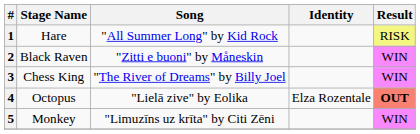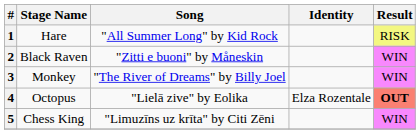 <table class="wikitable plainrowheaders" style="text-align: center;">
 <tr>
 <th>#</th>
 <th>Stage Name</th>
 <th>Song</th>
 <th>Identity</th>
 <th>Result</th>
 </tr>
 <tr>
 <th>1</th>
 <td>Hare</td>
 <td>"<a href='#'>All Summer Long</a>" by <a href='#'>Kid Rock</a></td>
 <td></td>
 <td bgcolor="#F3F781">RISK</td>
 </tr>
 <tr>
 <th>2</th>
 <td>Black Raven</td>
 <td>"<a href='#'>Zitti e buoni</a>" by <a href='#'>Måneskin</a></td>
 <td></td>
 <td bgcolor="#F888FD">WIN</td>
 </tr>
 <tr>
 <th>3</th>
-<td>Chess King</td>
+<td>Monkey</td>
 <td>"<a href='#'>The River of Dreams</a>" by <a href='#'>Billy Joel</a></td>
 <td></td>
 <td bgcolor="#F888FD">WIN</td>
 </tr>
 <tr>
 <th>4</th>
 <td>Octopus</td>
 <td>"Lielā zive" by Eolika</td>
 <td>Elza Rozentale</td>
 <td bgcolor="salmon"><strong>OUT</strong></td>
 </tr>
 <tr>
 <th>5</th>
-<td>Monkey</td>
+<td>Chess King</td>
 <td>"Limuzīns uz krīta" by Citi Zēni</td>
 <td></td>
 <td bgcolor="#F888FD">WIN</td>
 </tr>
 <tr>
 </tr>
 </table>
